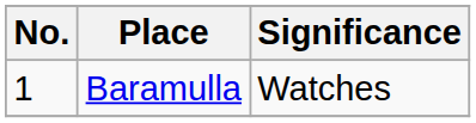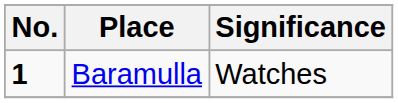 <table class="wikitable sortable">
 <tr>
 </tr>
 <tr>
 <th>No.</th>
 <th>Place</th>
 <th>Significance</th>
 </tr>
 <tr>
-<td>1</td>
+<td><strong>1</strong></td>
 <td><a href='#'>Baramulla</a></td>
 <td>Watches</td>
 </tr>
 <tr>
 </tr>
 </table>
